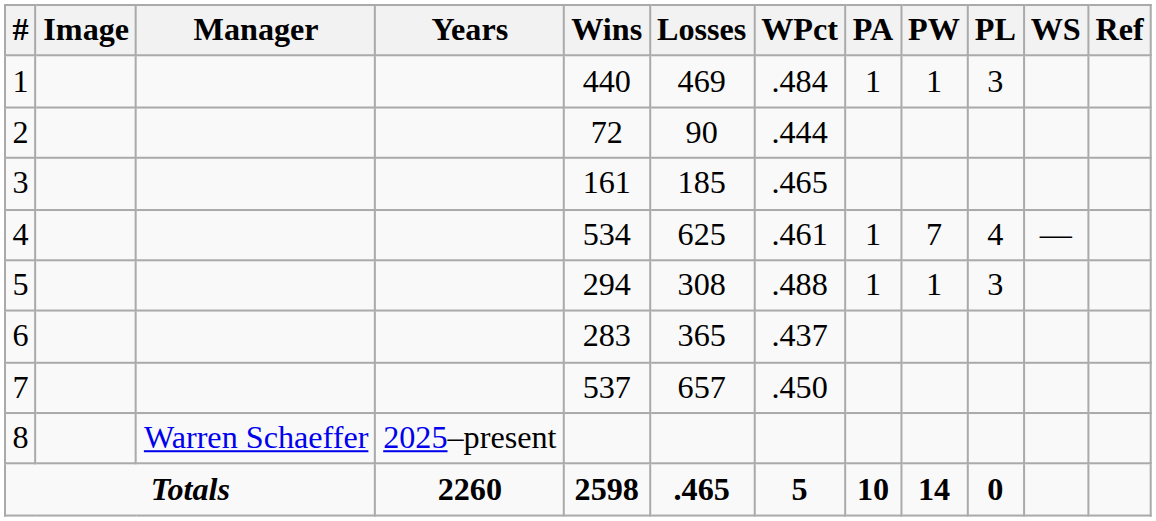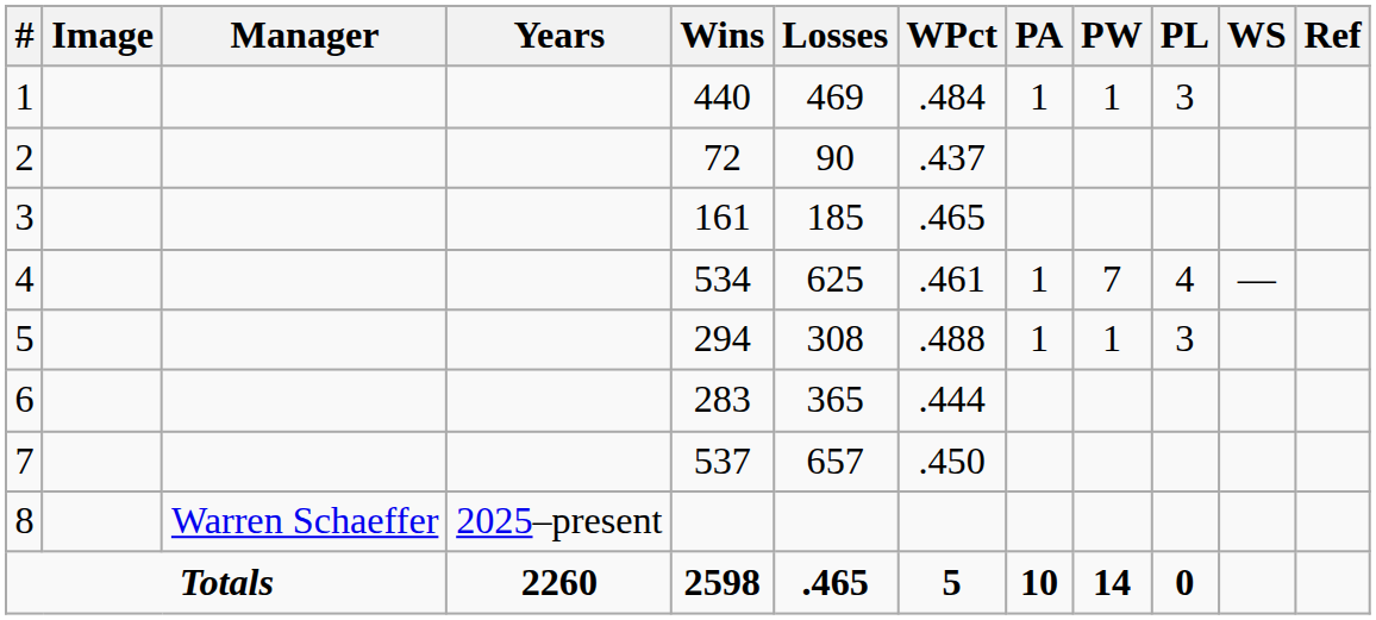 <table class="wikitable sortable" style="text-align:center">
 <tr>
 <th class="unsortable">#</th>
 <th class="unsortable">Image</th>
 <th>Manager</th>
 <th>Years</th>
 <th>Wins</th>
 <th>Losses</th>
 <th>WPct</th>
 <th>PA</th>
 <th>PW</th>
 <th>PL</th>
 <th>WS</th>
 <th class="unsortable">Ref</th>
 </tr>
 <tr>
 <td>1</td>
 <td></td>
 <td></td>
 <td></td>
 <td>440</td>
 <td>469</td>
 <td>.484</td>
 <td>1</td>
 <td>1</td>
 <td>3</td>
 <td></td>
 <td></td>
 </tr>
 <tr>
 <td>2</td>
 <td></td>
 <td></td>
 <td></td>
 <td>72</td>
 <td>90</td>
-<td>.444</td>
+<td>.437</td>
 <td></td>
 <td></td>
 <td></td>
 <td></td>
 <td></td>
 </tr>
 <tr>
 <td>3</td>
 <td></td>
 <td></td>
 <td></td>
 <td>161</td>
 <td>185</td>
 <td>.465</td>
 <td></td>
 <td></td>
 <td></td>
 <td></td>
 <td></td>
 </tr>
 <tr>
 <td>4</td>
 <td></td>
 <td></td>
 <td></td>
 <td>534</td>
 <td>625</td>
 <td>.461</td>
 <td>1</td>
 <td>7</td>
 <td>4</td>
 <td>—</td>
 <td></td>
 </tr>
 <tr>
 <td>5</td>
 <td></td>
 <td></td>
 <td></td>
 <td>294</td>
 <td>308</td>
 <td>.488</td>
 <td>1</td>
 <td>1</td>
 <td>3</td>
 <td></td>
 <td></td>
 </tr>
 <tr>
 <td>6</td>
 <td></td>
 <td></td>
 <td></td>
 <td>283</td>
 <td>365</td>
-<td>.437</td>
+<td>.444</td>
 <td></td>
 <td></td>
 <td></td>
 <td></td>
 <td></td>
 </tr>
 <tr>
 <td>7</td>
 <td></td>
 <td></td>
 <td></td>
 <td>537</td>
 <td>657</td>
 <td>.450</td>
 <td></td>
 <td></td>
 <td></td>
 <td></td>
 <td></td>
 </tr>
 <tr>
 <td>8</td>
 <td></td>
 <td><a href='#'>Warren Schaeffer</a></td>
 <td><a href='#'>2025</a>–present</td>
 <td></td>
 <td></td>
 <td></td>
 <td></td>
 <td></td>
 <td></td>
 <td></td>
 <td></td>
 </tr>
 <tr class="sortbottom">
 <td colspan="3"><strong><em>Totals</em></strong></td>
 <td><strong>2260</strong></td>
 <td><strong>2598</strong></td>
 <td><strong>.465</strong></td>
 <td><strong>5</strong></td>
 <td><strong>10</strong></td>
 <td><strong>14</strong></td>
 <td><strong>0</strong></td>
 <td></td>
 <td></td>
 </tr>
 </table>
